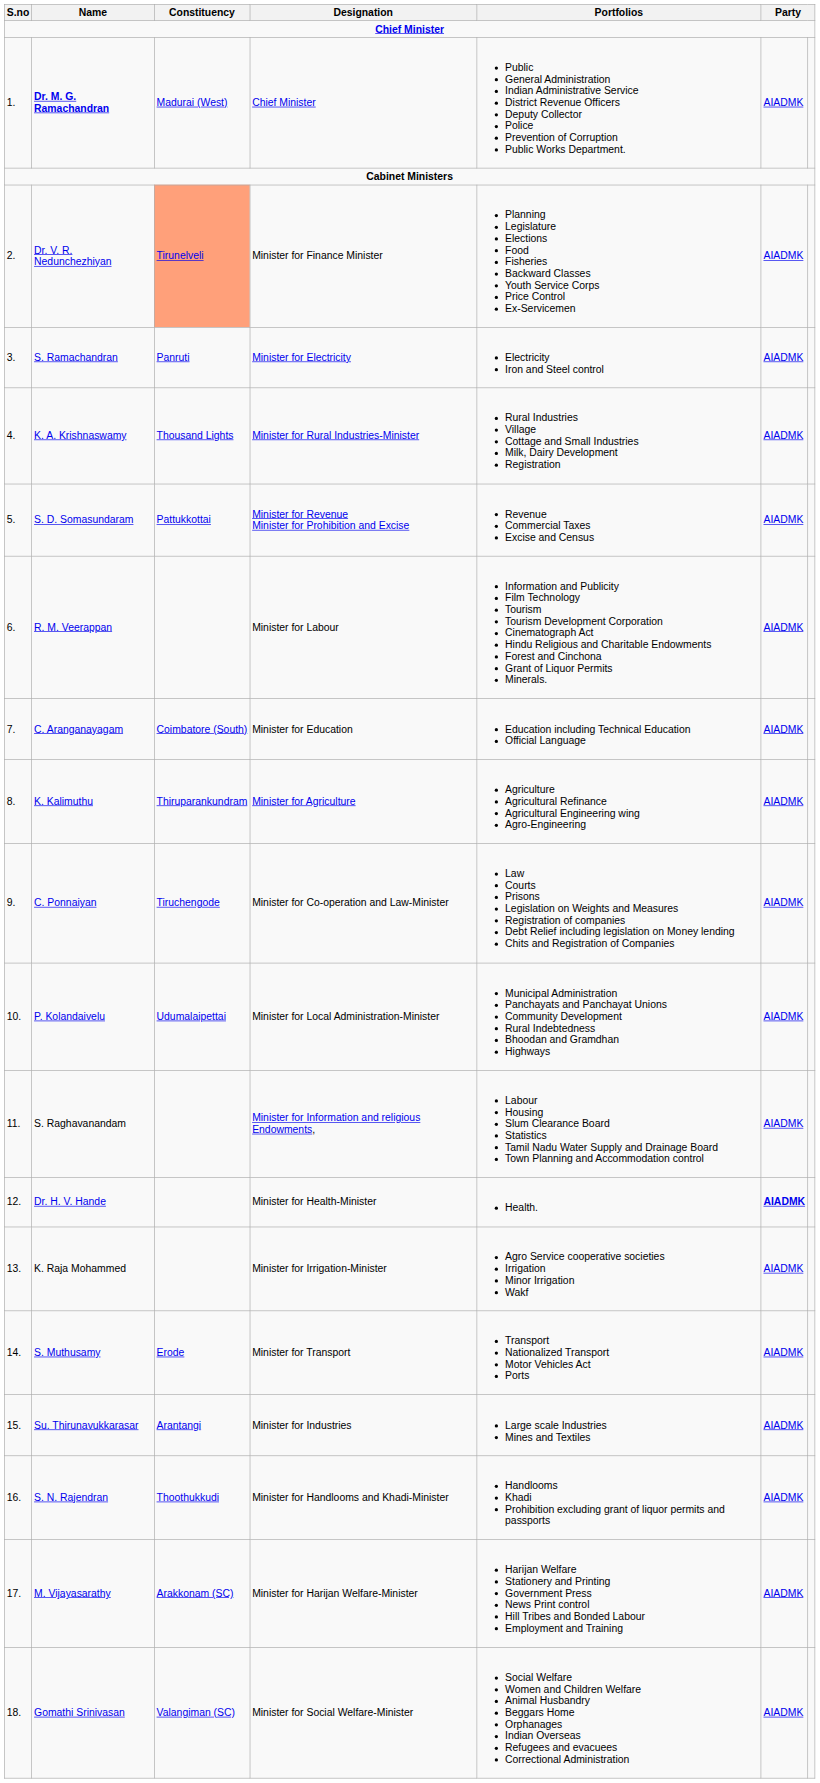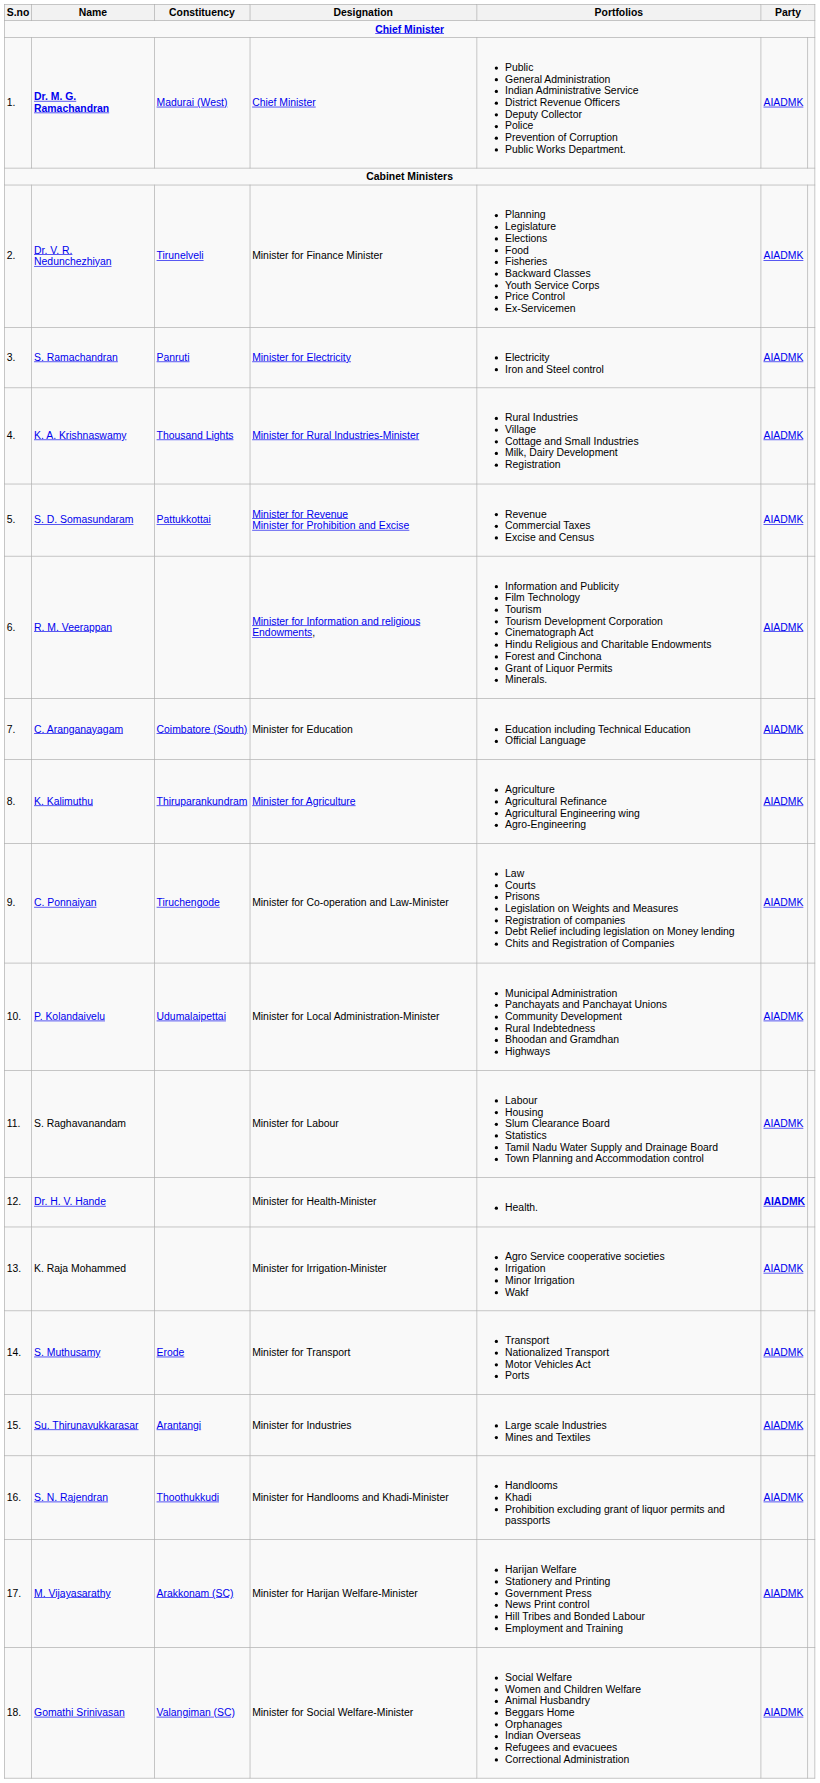 <table class="wikitable">
 <tr>
 <th>S.no</th>
 <th>Name</th>
 <th>Constituency</th>
 <th>Designation</th>
 <th>Portfolios</th>
 <th colspan="2" scope="col">Party</th>
 </tr>
 <tr>
 <td style="text-align: center;" colspan=9><strong><a href='#'>Chief Minister</a></strong></td>
 </tr>
 <tr>
 <td>1.</td>
 <td><strong><a href='#'>Dr. M. G. Ramachandran</a></strong></td>
 <td><a href='#'>Madurai (West)</a></td>
 <td><a href='#'>Chief Minister</a></td>
 <td><br><ul><li>Public</li><li>General Administration</li><li>Indian Administrative Service</li><li>District Revenue Officers</li><li>Deputy Collector</li><li>Police</li><li>Prevention of Corruption</li><li>Public Works Department.</li></ul></td>
 <td><a href='#'>AIADMK</a></td>
 <td width="4px" style="background-color: "></td>
 </tr>
 <tr>
 <td style="text-align: center;" colspan=9><strong>Cabinet Ministers</strong></td>
 </tr>
 <tr>
 <td>2.</td>
 <td><a href='#'>Dr. V. R. Nedunchezhiyan</a></td>
-<td style="background: lightsalmon;"><a href='#'>Tirunelveli</a></td>
+<td><a href='#'>Tirunelveli</a></td>
 <td>Minister for Finance Minister</td>
 <td><br><ul><li>Planning</li><li>Legislature</li><li>Elections</li><li>Food</li><li>Fisheries</li><li>Backward Classes</li><li>Youth Service Corps</li><li>Price Control</li><li>Ex-Servicemen</li></ul></td>
 <td><a href='#'>AIADMK</a></td>
 <td width="4px" style="background-color: "></td>
 </tr>
 <tr>
 <td>3.</td>
 <td><a href='#'>S. Ramachandran</a></td>
 <td><a href='#'>Panruti</a></td>
 <td><a href='#'>Minister for Electricity</a></td>
 <td><br><ul><li>Electricity</li><li>Iron and Steel control</li></ul></td>
 <td><a href='#'>AIADMK</a></td>
 <td width="4px" style="background-color: "></td>
 </tr>
 <tr>
 <td>4.</td>
 <td><a href='#'>K. A. Krishnaswamy</a></td>
 <td><a href='#'>Thousand Lights</a></td>
 <td><a href='#'>Minister for Rural Industries-Minister</a></td>
 <td><br><ul><li>Rural Industries</li><li>Village</li><li>Cottage and Small Industries</li><li>Milk, Dairy Development</li><li>Registration</li></ul></td>
 <td><a href='#'>AIADMK</a></td>
 <td width="4px" style="background-color: "></td>
 </tr>
 <tr>
 <td>5.</td>
 <td><a href='#'>S. D. Somasundaram</a></td>
 <td><a href='#'>Pattukkottai</a></td>
 <td><a href='#'>Minister for Revenue</a> <br><a href='#'>Minister for Prohibition and Excise</a></td>
 <td><br><ul><li>Revenue</li><li>Commercial Taxes</li><li>Excise and Census</li></ul></td>
 <td><a href='#'>AIADMK</a></td>
 <td width="4px" style="background-color: "></td>
 </tr>
 <tr>
 <td>6.</td>
 <td><a href='#'>R. M. Veerappan</a></td>
 <td></td>
-<td>Minister for Labour</td>
+<td><a href='#'>Minister for Information and religious Endowments</a>,</td>
 <td><br><ul><li>Information and Publicity</li><li>Film Technology</li><li>Tourism</li><li>Tourism Development Corporation</li><li>Cinematograph Act</li><li>Hindu Religious and Charitable Endowments</li><li>Forest and Cinchona</li><li>Grant of Liquor Permits</li><li>Minerals.</li></ul></td>
 <td><a href='#'>AIADMK</a></td>
 <td width="4px" style="background-color: "></td>
 </tr>
 <tr>
 <td>7.</td>
 <td><a href='#'>C. Aranganayagam</a></td>
 <td><a href='#'>Coimbatore (South)</a></td>
 <td>Minister for Education</td>
 <td><br><ul><li>Education including Technical Education</li><li>Official Language</li></ul></td>
 <td><a href='#'>AIADMK</a></td>
 <td width="4px" style="background-color: "></td>
 </tr>
 <tr>
 <td>8.</td>
 <td><a href='#'>K. Kalimuthu</a></td>
 <td><a href='#'>Thiruparankundram</a></td>
 <td><a href='#'>Minister for Agriculture</a></td>
 <td><br><ul><li>Agriculture</li><li>Agricultural Refinance</li><li>Agricultural Engineering wing</li><li>Agro-Engineering</li></ul></td>
 <td><a href='#'>AIADMK</a></td>
 <td width="4px" style="background-color: "></td>
 </tr>
 <tr>
 <td>9.</td>
 <td><a href='#'>C. Ponnaiyan</a></td>
 <td><a href='#'>Tiruchengode</a></td>
 <td>Minister for Co-operation and Law-Minister</td>
 <td><br><ul><li>Law</li><li>Courts</li><li>Prisons</li><li>Legislation on Weights and Measures</li><li>Registration of companies</li><li>Debt Relief including legislation on Money lending</li><li>Chits and Registration of Companies</li></ul></td>
 <td><a href='#'>AIADMK</a></td>
 <td width="4px" style="background-color: "></td>
 </tr>
 <tr>
 <td>10.</td>
 <td><a href='#'>P. Kolandaivelu</a></td>
 <td><a href='#'>Udumalaipettai</a></td>
 <td>Minister for Local Administration-Minister</td>
 <td><br><ul><li>Municipal Administration</li><li>Panchayats and Panchayat Unions</li><li>Community Development</li><li>Rural Indebtedness</li><li>Bhoodan and Gramdhan</li><li>Highways</li></ul></td>
 <td><a href='#'>AIADMK</a></td>
 <td width="4px" style="background-color: "></td>
 </tr>
 <tr>
 <td>11.</td>
 <td>S. Raghavanandam</td>
 <td></td>
-<td><a href='#'>Minister for Information and religious Endowments</a>,</td>
+<td>Minister for Labour</td>
 <td><br><ul><li>Labour</li><li>Housing</li><li>Slum Clearance Board</li><li>Statistics</li><li>Tamil Nadu Water Supply and Drainage Board</li><li>Town Planning and Accommodation control</li></ul></td>
 <td><a href='#'>AIADMK</a></td>
 <td width="4px" style="background-color: "></td>
 </tr>
 <tr>
 <td>12.</td>
 <td><a href='#'>Dr. H. V. Hande</a></td>
 <td></td>
 <td>Minister for Health-Minister</td>
 <td><br><ul><li>Health.</li></ul></td>
 <td><strong><a href='#'>AIADMK</a></strong></td>
 <td width="4px" style="background-color: "></td>
 </tr>
 <tr>
 <td>13.</td>
 <td>K. Raja Mohammed</td>
 <td></td>
 <td>Minister for Irrigation-Minister</td>
 <td><br><ul><li>Agro Service cooperative societies</li><li>Irrigation</li><li>Minor Irrigation</li><li>Wakf</li></ul></td>
 <td><a href='#'>AIADMK</a></td>
 <td width="4px" style="background-color: "></td>
 </tr>
 <tr>
 <td>14.</td>
 <td><a href='#'>S. Muthusamy</a></td>
 <td><a href='#'>Erode</a></td>
 <td>Minister for Transport</td>
 <td><br><ul><li>Transport</li><li>Nationalized Transport</li><li>Motor Vehicles Act</li><li>Ports</li></ul></td>
 <td><a href='#'>AIADMK</a></td>
 <td width="4px" style="background-color: "></td>
 </tr>
 <tr>
 <td>15.</td>
 <td><a href='#'>Su. Thirunavukkarasar</a></td>
 <td><a href='#'>Arantangi</a></td>
 <td>Minister for Industries</td>
 <td><br><ul><li>Large scale Industries</li><li>Mines and Textiles</li></ul></td>
 <td><a href='#'>AIADMK</a></td>
 <td width="4px" style="background-color: "></td>
 </tr>
 <tr>
 <td>16.</td>
 <td><a href='#'>S. N. Rajendran</a></td>
 <td><a href='#'>Thoothukkudi</a></td>
 <td>Minister for Handlooms and Khadi-Minister</td>
 <td><br><ul><li>Handlooms</li><li>Khadi</li><li>Prohibition excluding grant of liquor permits and passports</li></ul></td>
 <td><a href='#'>AIADMK</a></td>
 <td width="4px" style="background-color: "></td>
 </tr>
 <tr>
 <td>17.</td>
 <td><a href='#'>M. Vijayasarathy</a></td>
 <td><a href='#'>Arakkonam (SC)</a></td>
 <td>Minister for Harijan Welfare-Minister</td>
 <td><br><ul><li>Harijan Welfare</li><li>Stationery and Printing</li><li>Government Press</li><li>News Print control</li><li>Hill Tribes and Bonded Labour</li><li>Employment and Training</li></ul></td>
 <td><a href='#'>AIADMK</a></td>
 <td width="4px" style="background-color: "></td>
 </tr>
 <tr>
 <td>18.</td>
 <td><a href='#'>Gomathi Srinivasan</a></td>
 <td><a href='#'>Valangiman (SC)</a></td>
 <td>Minister for Social Welfare-Minister</td>
 <td><br><ul><li>Social Welfare</li><li>Women and Children Welfare</li><li>Animal Husbandry</li><li>Beggars Home</li><li>Orphanages</li><li>Indian Overseas</li><li>Refugees and evacuees</li><li>Correctional Administration</li></ul></td>
 <td><a href='#'>AIADMK</a></td>
 <td width="4px" style="background-color: "></td>
 </tr>
 </table>
